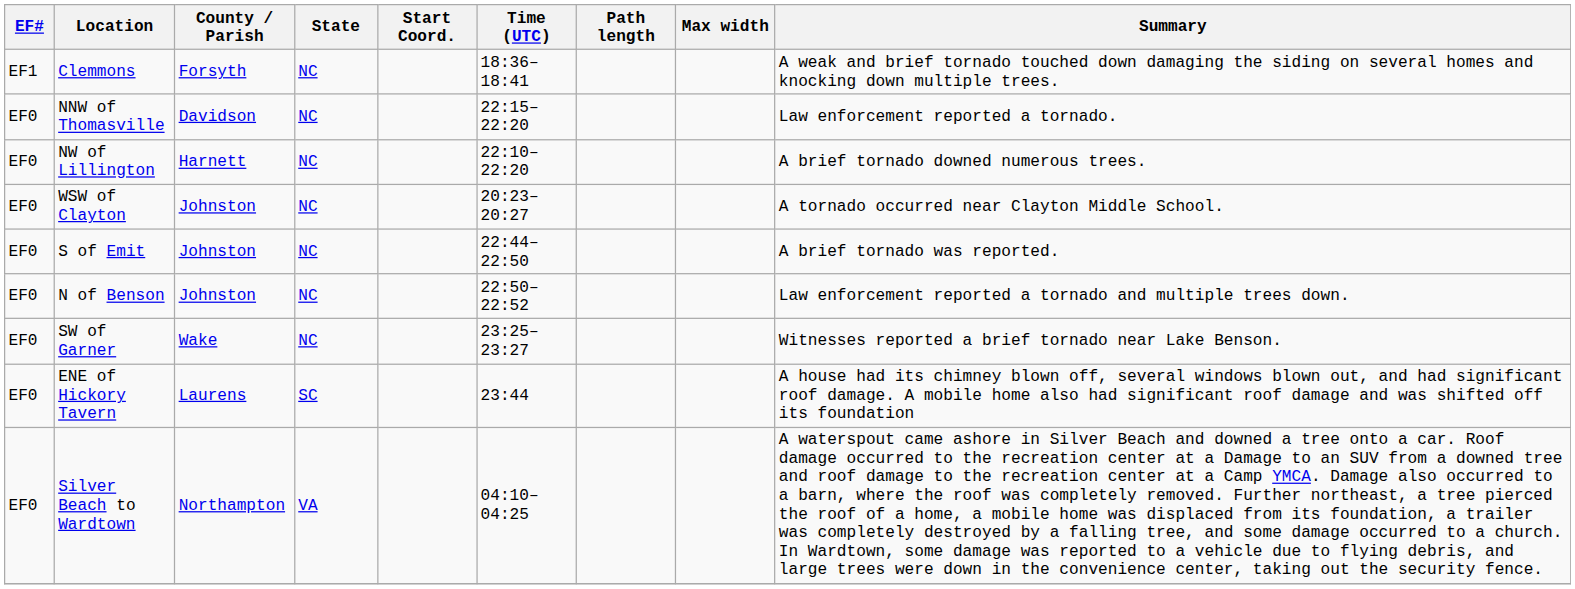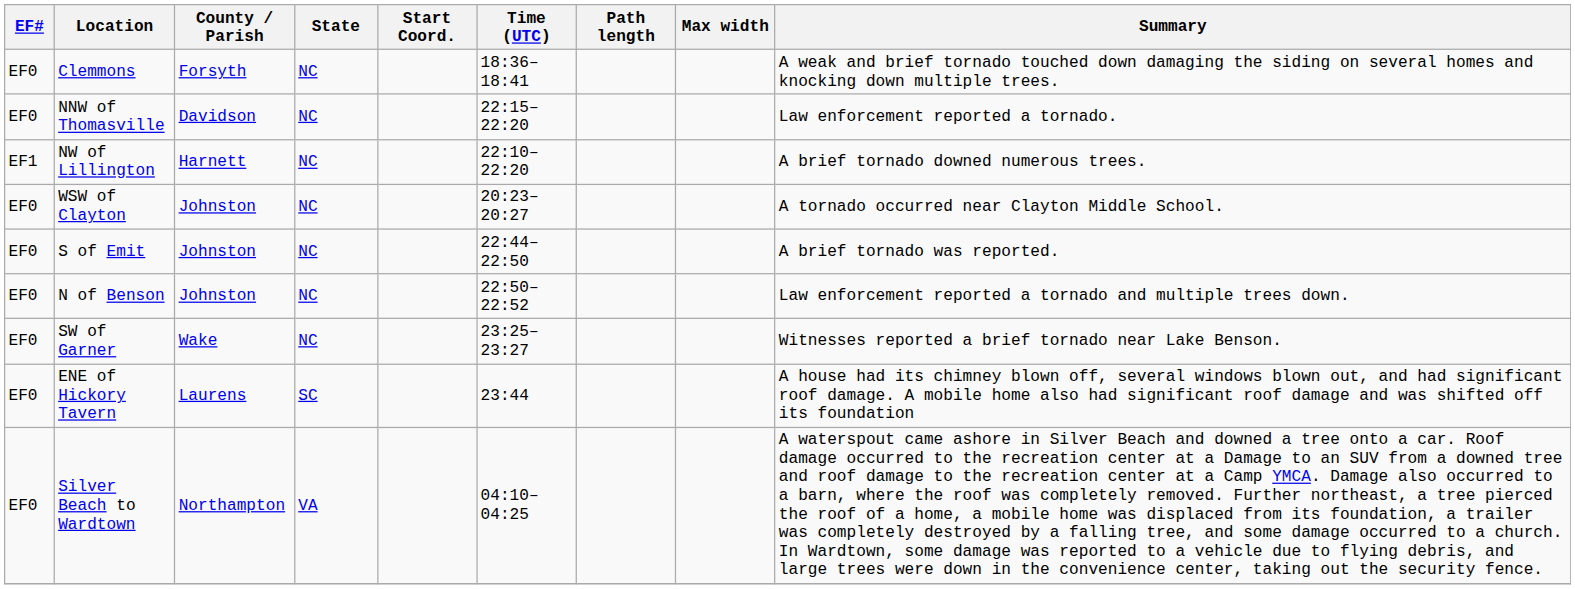 <table class="wikitable sortable" style="width:100%;">
 <tr>
 <th scope="col"  style="width:3%; text-align:center;"><a href='#'>EF#</a></th>
 <th scope="col"  style="width:7%; text-align:center;" class="unsortable">Location</th>
 <th scope="col"  style="width:6%; text-align:center;" class="unsortable">County / Parish</th>
 <th scope="col"  style="width:5%; text-align:center;">State</th>
 <th scope="col"  style="width:6%; text-align:center;">Start Coord.</th>
 <th scope="col"  style="width:6%; text-align:center;">Time (<a href='#'>UTC</a>)</th>
 <th scope="col"  style="width:6%; text-align:center;">Path length</th>
 <th scope="col"  style="width:6%; text-align:center;">Max width</th>
 <th scope="col" class="unsortable" style="width:48%; text-align:center;">Summary</th>
 </tr>
 <tr>
-<td>EF1</td>
+<td>EF0</td>
 <td><a href='#'>Clemmons</a></td>
 <td><a href='#'>Forsyth</a></td>
 <td><a href='#'>NC</a></td>
 <td></td>
 <td>18:36–18:41</td>
 <td></td>
 <td></td>
 <td>A weak and brief tornado touched down damaging the siding on several homes and knocking down multiple trees.</td>
 </tr>
 <tr>
 <td>EF0</td>
 <td>NNW of <a href='#'>Thomasville</a></td>
 <td><a href='#'>Davidson</a></td>
 <td><a href='#'>NC</a></td>
 <td></td>
 <td>22:15–22:20</td>
 <td></td>
 <td></td>
 <td>Law enforcement reported a tornado.</td>
 </tr>
 <tr>
-<td>EF0</td>
+<td>EF1</td>
 <td>NW of <a href='#'>Lillington</a></td>
 <td><a href='#'>Harnett</a></td>
 <td><a href='#'>NC</a></td>
 <td></td>
 <td>22:10–22:20</td>
 <td></td>
 <td></td>
 <td>A brief tornado downed numerous trees.</td>
 </tr>
 <tr>
 <td>EF0</td>
 <td>WSW of <a href='#'>Clayton</a></td>
 <td><a href='#'>Johnston</a></td>
 <td><a href='#'>NC</a></td>
 <td></td>
 <td>20:23–20:27</td>
 <td></td>
 <td></td>
 <td>A tornado occurred near Clayton Middle School.</td>
 </tr>
 <tr>
 <td>EF0</td>
 <td>S of <a href='#'>Emit</a></td>
 <td><a href='#'>Johnston</a></td>
 <td><a href='#'>NC</a></td>
 <td></td>
 <td>22:44–22:50</td>
 <td></td>
 <td></td>
 <td>A brief tornado was reported.</td>
 </tr>
 <tr>
 <td>EF0</td>
 <td>N of <a href='#'>Benson</a></td>
 <td><a href='#'>Johnston</a></td>
 <td><a href='#'>NC</a></td>
 <td></td>
 <td>22:50–22:52</td>
 <td></td>
 <td></td>
 <td>Law enforcement reported a tornado and multiple trees down.</td>
 </tr>
 <tr>
 <td>EF0</td>
 <td>SW of <a href='#'>Garner</a></td>
 <td><a href='#'>Wake</a></td>
 <td><a href='#'>NC</a></td>
 <td></td>
 <td>23:25–23:27</td>
 <td></td>
 <td></td>
 <td>Witnesses reported a brief tornado near Lake Benson.</td>
 </tr>
 <tr>
 <td>EF0</td>
 <td>ENE of <a href='#'>Hickory Tavern</a></td>
 <td><a href='#'>Laurens</a></td>
 <td><a href='#'>SC</a></td>
 <td></td>
 <td>23:44</td>
 <td></td>
 <td></td>
 <td>A house had its chimney blown off, several windows blown out, and had significant roof damage. A mobile home also had significant roof damage and was shifted off its foundation</td>
 </tr>
 <tr>
 <td>EF0</td>
 <td><a href='#'>Silver Beach</a> to <a href='#'>Wardtown</a></td>
 <td><a href='#'>Northampton</a></td>
 <td><a href='#'>VA</a></td>
 <td></td>
 <td>04:10–04:25</td>
 <td></td>
 <td></td>
 <td>A waterspout came ashore in Silver Beach and downed a tree onto a car. Roof damage occurred to the recreation center at a Damage to an SUV from a downed tree and roof damage to the recreation center at a Camp <a href='#'>YMCA</a>. Damage also occurred to a barn, where the roof was completely removed. Further northeast, a tree pierced the roof of a home, a mobile home was displaced from its foundation, a trailer was completely destroyed by a falling tree, and some damage occurred to a church. In Wardtown, some damage was reported to a vehicle due to flying debris, and large trees were down in the convenience center, taking out the security fence.</td>
 </tr>
 <tr>
 </tr>
 </table>
